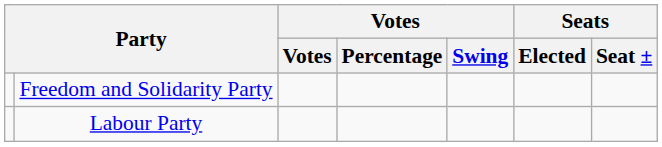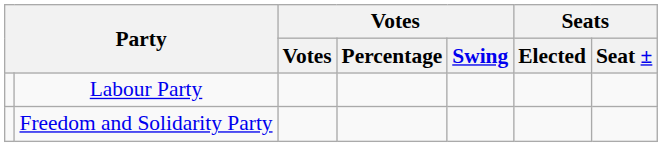 <table class="wikitable" style="text-align:center;">
 <tr>
 <th colspan="2" rowspan="2">Party</th>
 <th colspan="3">Votes</th>
 <th colspan="2">Seats</th>
 </tr>
 <tr>
 <th>Votes</th>
 <th>Percentage</th>
 <th><a href='#'>Swing</a></th>
 <th>Elected</th>
 <th>Seat <a href='#'>±</a></th>
 </tr>
 <tr>
 <td style="background:"></td>
-<td><a href='#'>Freedom and Solidarity Party</a></td>
+<td><a href='#'>Labour Party</a></td>
 <td></td>
 <td></td>
 <td></td>
 <td></td>
 <td></td>
 </tr>
 <tr>
 <td style="background:"></td>
-<td><a href='#'>Labour Party</a></td>
+<td><a href='#'>Freedom and Solidarity Party</a></td>
 <td></td>
 <td></td>
 <td></td>
 <td></td>
 <td></td>
 </tr>
 </table>
